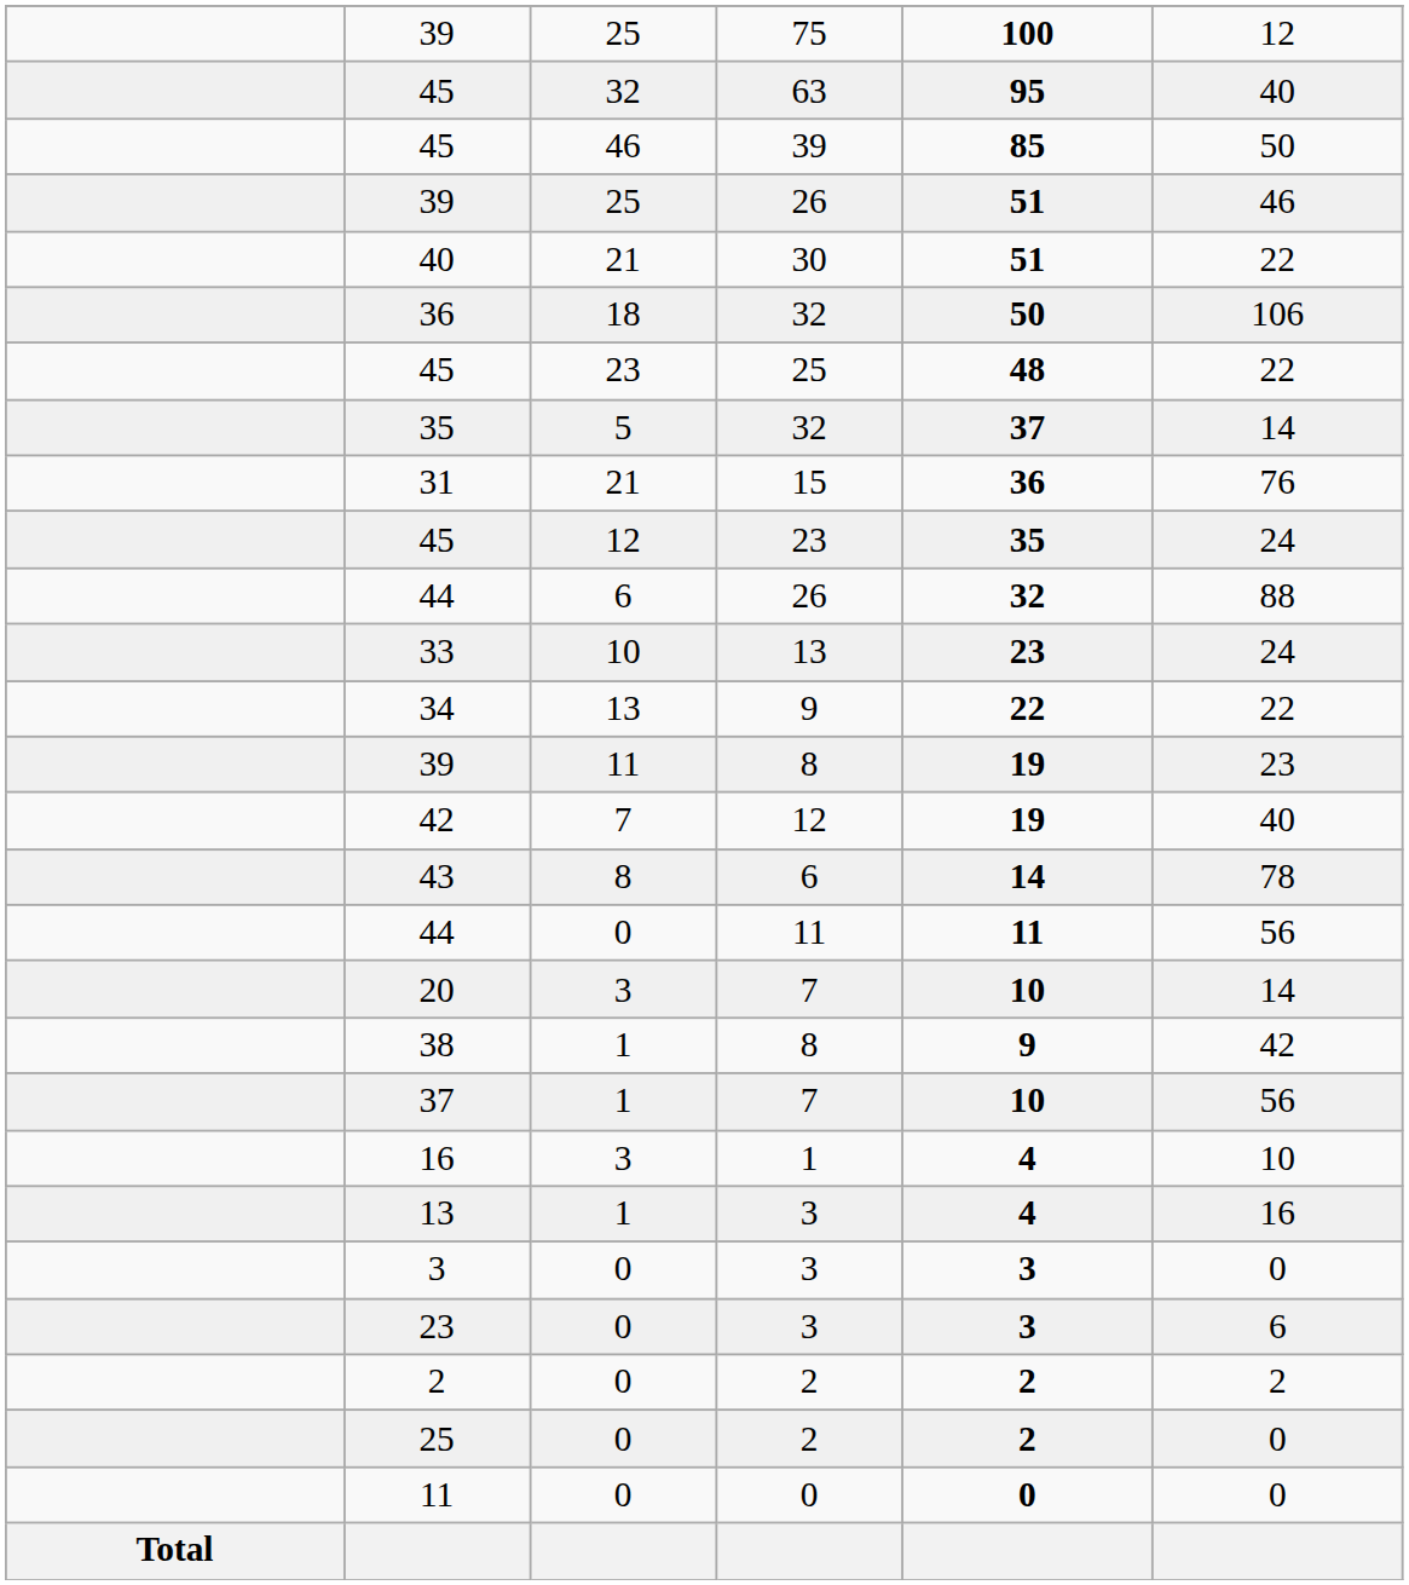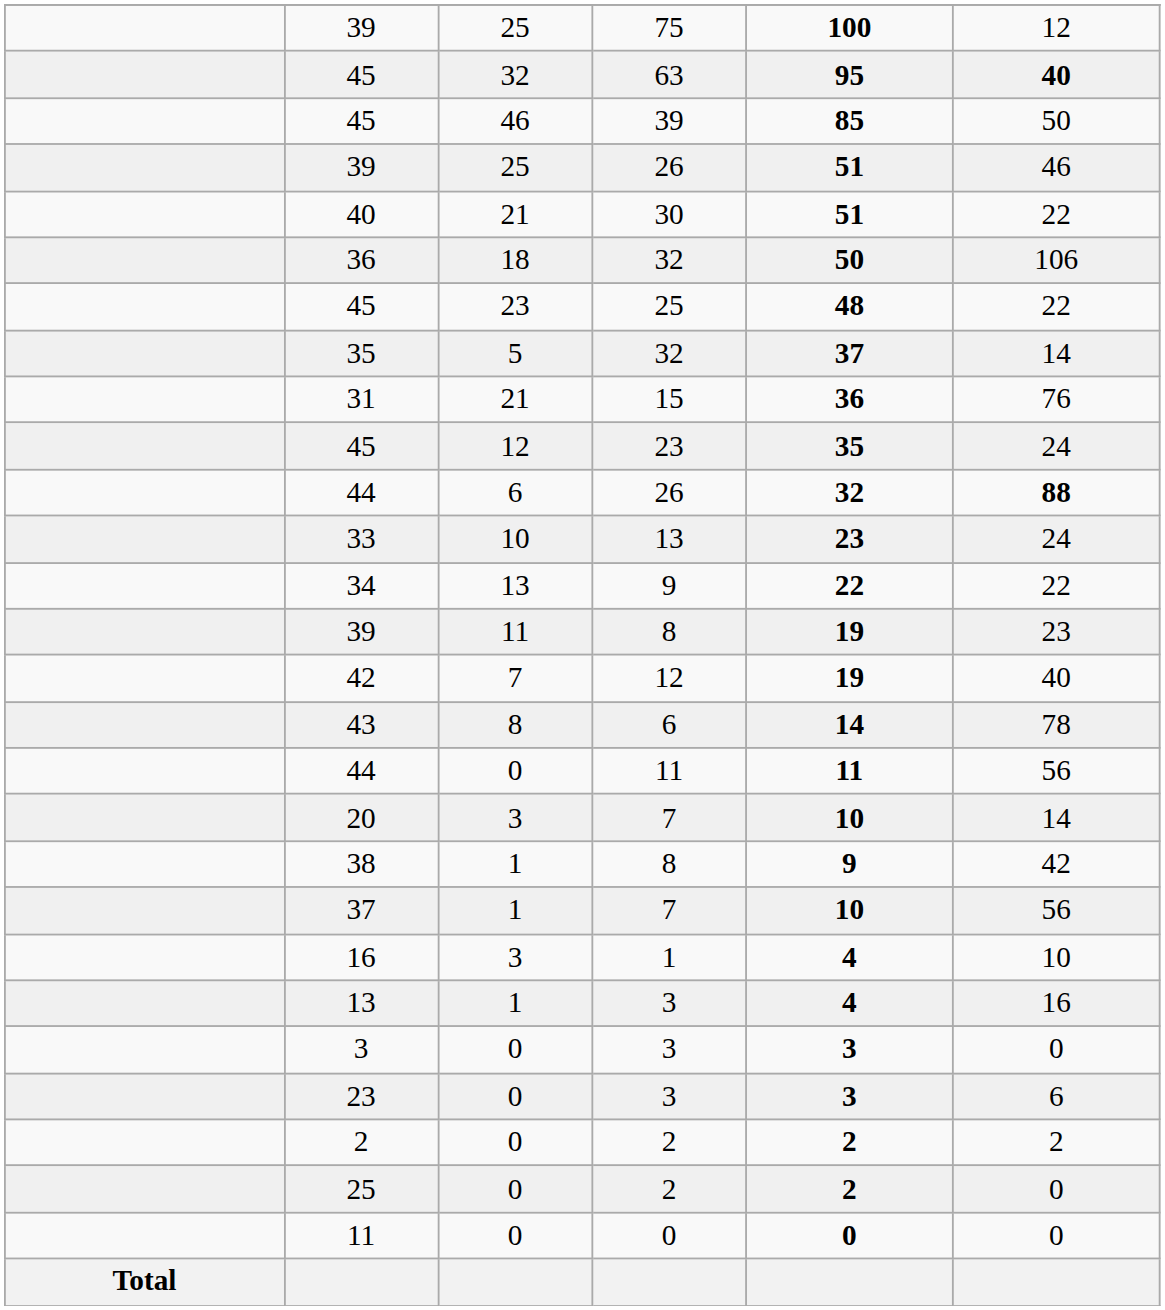 <table class="wikitable sortable" width ="50%">
 <tr align="center">
 </tr>
 <tr align="center" bgcolor="">
 <td></td>
 <td>39</td>
 <td>25</td>
 <td>75</td>
 <td><strong>100</strong></td>
 <td>12</td>
 </tr>
 <tr align="center" bgcolor="#f0f0f0">
 <td></td>
 <td>45</td>
 <td>32</td>
 <td>63</td>
 <td><strong>95</strong></td>
-<td>40</td>
+<td><strong>40</strong></td>
 </tr>
 <tr align="center" bgcolor="">
 <td></td>
 <td>45</td>
 <td>46</td>
 <td>39</td>
 <td><strong>85</strong></td>
 <td>50</td>
 </tr>
 <tr align="center" bgcolor="#f0f0f0">
 <td></td>
 <td>39</td>
 <td>25</td>
 <td>26</td>
 <td><strong>51</strong></td>
 <td>46</td>
 </tr>
 <tr align="center" bgcolor="">
 <td></td>
 <td>40</td>
 <td>21</td>
 <td>30</td>
 <td><strong>51</strong></td>
 <td>22</td>
 </tr>
 <tr align="center" bgcolor="#f0f0f0">
 <td></td>
 <td>36</td>
 <td>18</td>
 <td>32</td>
 <td><strong>50</strong></td>
 <td>106</td>
 </tr>
 <tr align="center" bgcolor="">
 <td></td>
 <td>45</td>
 <td>23</td>
 <td>25</td>
 <td><strong>48</strong></td>
 <td>22</td>
 </tr>
 <tr align="center" bgcolor="#f0f0f0">
 <td></td>
 <td>35</td>
 <td>5</td>
 <td>32</td>
 <td><strong>37</strong></td>
 <td>14</td>
 </tr>
 <tr align="center" bgcolor="">
 <td></td>
 <td>31</td>
 <td>21</td>
 <td>15</td>
 <td><strong>36</strong></td>
 <td>76</td>
 </tr>
 <tr align="center" bgcolor="#f0f0f0">
 <td></td>
 <td>45</td>
 <td>12</td>
 <td>23</td>
 <td><strong>35</strong></td>
 <td>24</td>
 </tr>
 <tr align="center" bgcolor="">
 <td></td>
 <td>44</td>
 <td>6</td>
 <td>26</td>
 <td><strong>32</strong></td>
-<td>88</td>
+<td><strong>88</strong></td>
 </tr>
 <tr align="center" bgcolor="#f0f0f0">
 <td></td>
 <td>33</td>
 <td>10</td>
 <td>13</td>
 <td><strong>23</strong></td>
 <td>24</td>
 </tr>
 <tr align="center" bgcolor="">
 <td></td>
 <td>34</td>
 <td>13</td>
 <td>9</td>
 <td><strong>22</strong></td>
 <td>22</td>
 </tr>
 <tr align="center" bgcolor="#f0f0f0">
 <td></td>
 <td>39</td>
 <td>11</td>
 <td>8</td>
 <td><strong>19</strong></td>
 <td>23</td>
 </tr>
 <tr align="center" bgcolor="">
 <td></td>
 <td>42</td>
 <td>7</td>
 <td>12</td>
 <td><strong>19</strong></td>
 <td>40</td>
 </tr>
 <tr align="center" bgcolor="#f0f0f0">
 <td></td>
 <td>43</td>
 <td>8</td>
 <td>6</td>
 <td><strong>14</strong></td>
 <td>78</td>
 </tr>
 <tr align="center" bgcolor="">
 <td></td>
 <td>44</td>
 <td>0</td>
 <td>11</td>
 <td><strong>11</strong></td>
 <td>56</td>
 </tr>
 <tr align="center" bgcolor="#f0f0f0">
 <td></td>
 <td>20</td>
 <td>3</td>
 <td>7</td>
 <td><strong>10</strong></td>
 <td>14</td>
 </tr>
 <tr align="center" bgcolor="">
 <td></td>
 <td>38</td>
 <td>1</td>
 <td>8</td>
 <td><strong>9</strong></td>
 <td>42</td>
 </tr>
 <tr align="center" bgcolor="#f0f0f0">
 <td></td>
 <td>37</td>
 <td>1</td>
 <td>7</td>
 <td><strong>10</strong></td>
 <td>56</td>
 </tr>
 <tr align="center" bgcolor="">
 <td></td>
 <td>16</td>
 <td>3</td>
 <td>1</td>
 <td><strong>4</strong></td>
 <td>10</td>
 </tr>
 <tr align="center" bgcolor="#f0f0f0">
 <td></td>
 <td>13</td>
 <td>1</td>
 <td>3</td>
 <td><strong>4</strong></td>
 <td>16</td>
 </tr>
 <tr align="center" bgcolor="">
 <td></td>
 <td>3</td>
 <td>0</td>
 <td>3</td>
 <td><strong>3</strong></td>
 <td>0</td>
 </tr>
 <tr align="center" bgcolor="#f0f0f0">
 <td></td>
 <td>23</td>
 <td>0</td>
 <td>3</td>
 <td><strong>3</strong></td>
 <td>6</td>
 </tr>
 <tr align="center" bgcolor="">
 <td></td>
 <td>2</td>
 <td>0</td>
 <td>2</td>
 <td><strong>2</strong></td>
 <td>2</td>
 </tr>
 <tr align="center" bgcolor="#f0f0f0">
 <td></td>
 <td>25</td>
 <td>0</td>
 <td>2</td>
 <td><strong>2</strong></td>
 <td>0</td>
 </tr>
 <tr align="center" bgcolor="">
 <td></td>
 <td>11</td>
 <td>0</td>
 <td>0</td>
 <td><strong>0</strong></td>
 <td>0</td>
 </tr>
 <tr>
 <th>Total</th>
 <th></th>
 <th></th>
 <th></th>
 <th></th>
 <th></th>
 </tr>
 </table>
